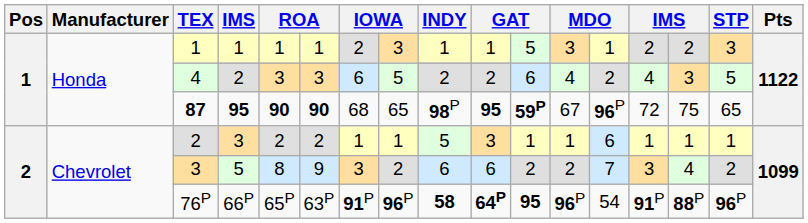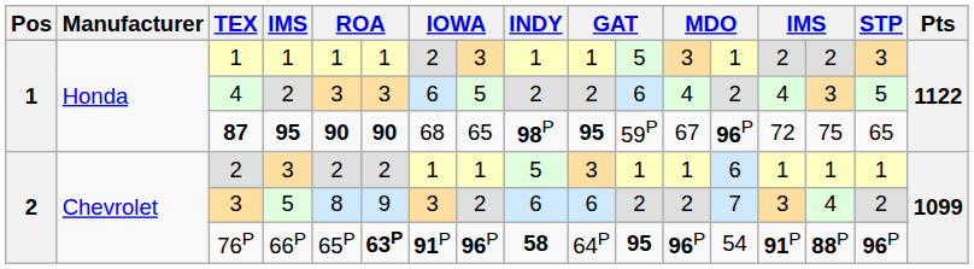 <table class="wikitable" style="font-size: 85%; text-align:center">
 <tr valign=top>
 <th>Pos</th>
 <th>Manufacturer</th>
 <th><a href='#'>TEX</a></th>
 <th><a href='#'>IMS</a></th>
 <th colspan=2><a href='#'>ROA</a></th>
 <th colspan=2><a href='#'>IOWA</a></th>
 <th><a href='#'>INDY</a></th>
 <th colspan=2><a href='#'>GAT</a></th>
 <th colspan=2><a href='#'>MDO</a></th>
 <th colspan=2><a href='#'>IMS</a></th>
 <th><a href='#'>STP</a></th>
 <th>Pts</th>
 </tr>
 <tr>
 <th rowspan="3">1</th>
 <td rowspan="3" align="left"><a href='#'>Honda</a></td>
 <td style="background:#FFFFBF;">1</td>
 <td style="background:#FFFFBF;">1</td>
 <td style="background:#FFFFBF;">1</td>
 <td style="background:#FFFFBF;">1</td>
 <td style="background:#DFDFDF;">2</td>
 <td style="background:#FFDF9F;">3</td>
 <td style="background:#FFFFBF;">1</td>
 <td style="background:#FFFFBF;">1</td>
 <td style="background:#DFFFDF;">5</td>
 <td style="background:#FFDF9F;">3</td>
 <td style="background:#FFFFBF;">1</td>
 <td style="background:#DFDFDF;">2</td>
 <td style="background:#DFDFDF;">2</td>
 <td style="background:#FFDF9F;">3</td>
 <th rowspan="3">1122</th>
 </tr>
 <tr>
 <td style="background:#DFFFDF;">4</td>
 <td style="background:#DFDFDF;">2</td>
 <td style="background:#FFDF9F;">3</td>
 <td style="background:#FFDF9F;">3</td>
 <td style="background:#CFEAFF;">6</td>
 <td style="background:#DFFFDF;">5</td>
 <td style="background:#DFDFDF;">2</td>
 <td style="background:#DFDFDF;">2</td>
 <td style="background:#CFEAFF;">6</td>
 <td style="background:#DFFFDF;">4</td>
 <td style="background:#DFDFDF;">2</td>
 <td style="background:#DFFFDF;">4</td>
 <td style="background:#FFDF9F;">3</td>
 <td style="background:#DFFFDF;">5</td>
 </tr>
 <tr>
 <td><strong>87</strong></td>
 <td><strong>95</strong></td>
 <td><strong>90</strong></td>
 <td><strong>90</strong></td>
 <td>68</td>
 <td>65</td>
 <td><strong>98</strong><sup>P</sup></td>
 <td><strong>95</strong></td>
-<td><strong>59<sup>P</sup></strong></td>
+<td>59<sup>P</sup></td>
 <td>67</td>
 <td><strong>96</strong><sup>P</sup></td>
 <td>72</td>
 <td>75</td>
 <td>65</td>
 </tr>
 <tr>
 <th rowspan="3">2</th>
 <td rowspan="3" align="left"><a href='#'>Chevrolet</a></td>
 <td style="background:#DFDFDF;">2</td>
 <td style="background:#FFDF9F;">3</td>
 <td style="background:#DFDFDF;">2</td>
 <td style="background:#DFDFDF;">2</td>
 <td style="background:#FFFFBF;">1</td>
 <td style="background:#FFFFBF;">1</td>
 <td style="background:#DFFFDF;">5</td>
 <td style="background:#FFDF9F;">3</td>
 <td style="background:#FFFFBF;">1</td>
 <td style="background:#FFFFBF;">1</td>
 <td style="background:#CFEAFF;">6</td>
 <td style="background:#FFFFBF;">1</td>
 <td style="background:#FFFFBF;">1</td>
 <td style="background:#FFFFBF;">1</td>
 <th rowspan="3">1099</th>
 </tr>
 <tr>
 <td style="background:#FFDF9F;">3</td>
 <td style="background:#DFFFDF;">5</td>
 <td style="background:#CFEAFF;">8</td>
 <td style="background:#CFEAFF;">9</td>
 <td style="background:#FFDF9F;">3</td>
 <td style="background:#DFDFDF;">2</td>
 <td style="background:#CFEAFF;">6</td>
 <td style="background:#CFEAFF;">6</td>
 <td style="background:#DFDFDF;">2</td>
 <td style="background:#DFDFDF;">2</td>
 <td style="background:#CFEAFF;">7</td>
 <td style="background:#FFDF9F;">3</td>
 <td style="background:#DFFFDF;">4</td>
 <td style="background:#DFDFDF;">2</td>
 </tr>
 <tr>
 <td>76<sup>P</sup></td>
 <td>66<sup>P</sup></td>
 <td>65<sup>P</sup></td>
-<td>63<sup>P</sup></td>
+<td><strong>63<sup>P</sup></strong></td>
 <td><strong>91</strong><sup>P</sup></td>
 <td><strong>96</strong><sup>P</sup></td>
 <td><strong>58</strong></td>
-<td><strong>64<sup>P</sup></strong></td>
+<td>64<sup>P</sup></td>
 <td><strong>95</strong></td>
 <td><strong>96</strong><sup>P</sup></td>
 <td>54</td>
 <td><strong>91</strong><sup>P</sup></td>
 <td><strong>88</strong><sup>P</sup></td>
 <td><strong>96</strong><sup>P</sup></td>
 </tr>
 </table>
